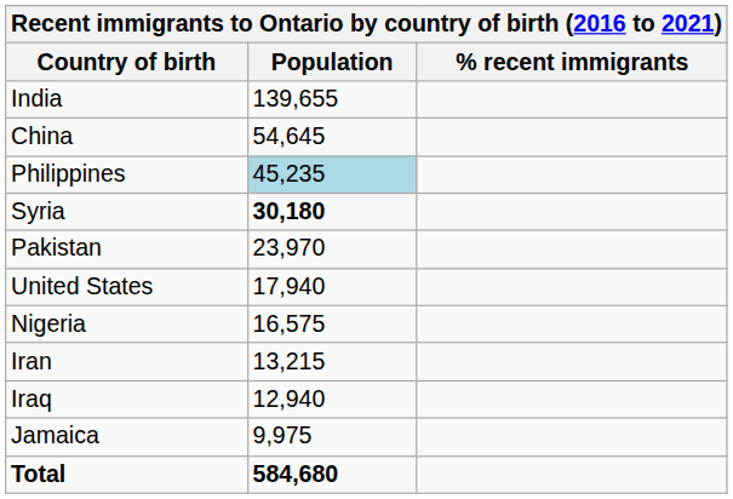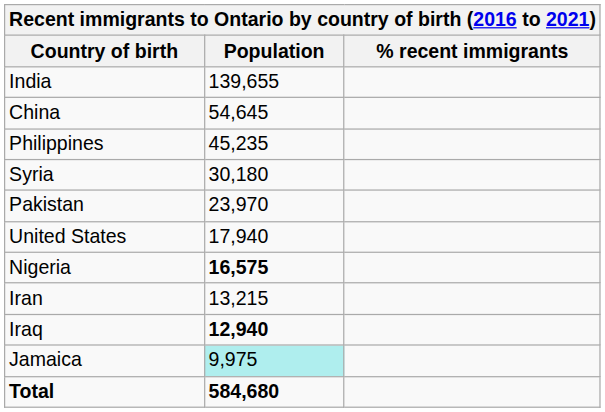 <table class="wikitable">
 <tr>
 <th colspan="3">Recent immigrants to Ontario by country of birth (<a href='#'>2016</a> to <a href='#'>2021</a>)</th>
 </tr>
 <tr>
 <th>Country of birth</th>
 <th>Population</th>
 <th>% recent immigrants</th>
 </tr>
 <tr>
 <td>India</td>
 <td>139,655</td>
 <td></td>
 </tr>
 <tr>
 <td>China</td>
 <td>54,645</td>
 <td></td>
 </tr>
 <tr>
 <td>Philippines</td>
-<td style="background: lightblue;">45,235</td>
+<td>45,235</td>
 <td></td>
 </tr>
 <tr>
 <td>Syria</td>
-<td><strong>30,180</strong></td>
+<td>30,180</td>
 <td></td>
 </tr>
 <tr>
 <td>Pakistan</td>
 <td>23,970</td>
 <td></td>
 </tr>
 <tr>
 <td>United States</td>
 <td>17,940</td>
 <td></td>
 </tr>
 <tr>
 <td>Nigeria</td>
-<td>16,575</td>
+<td><strong>16,575</strong></td>
 <td></td>
 </tr>
 <tr>
 <td>Iran</td>
 <td>13,215</td>
 <td></td>
 </tr>
 <tr>
 <td>Iraq</td>
-<td>12,940</td>
+<td><strong>12,940</strong></td>
 <td></td>
 </tr>
 <tr>
 <td>Jamaica</td>
-<td>9,975</td>
+<td style="background: paleturquoise;">9,975</td>
 <td></td>
 </tr>
 <tr>
 <td><strong>Total</strong></td>
 <td><strong>584,680</strong></td>
 <td><strong></strong></td>
 </tr>
 </table>
